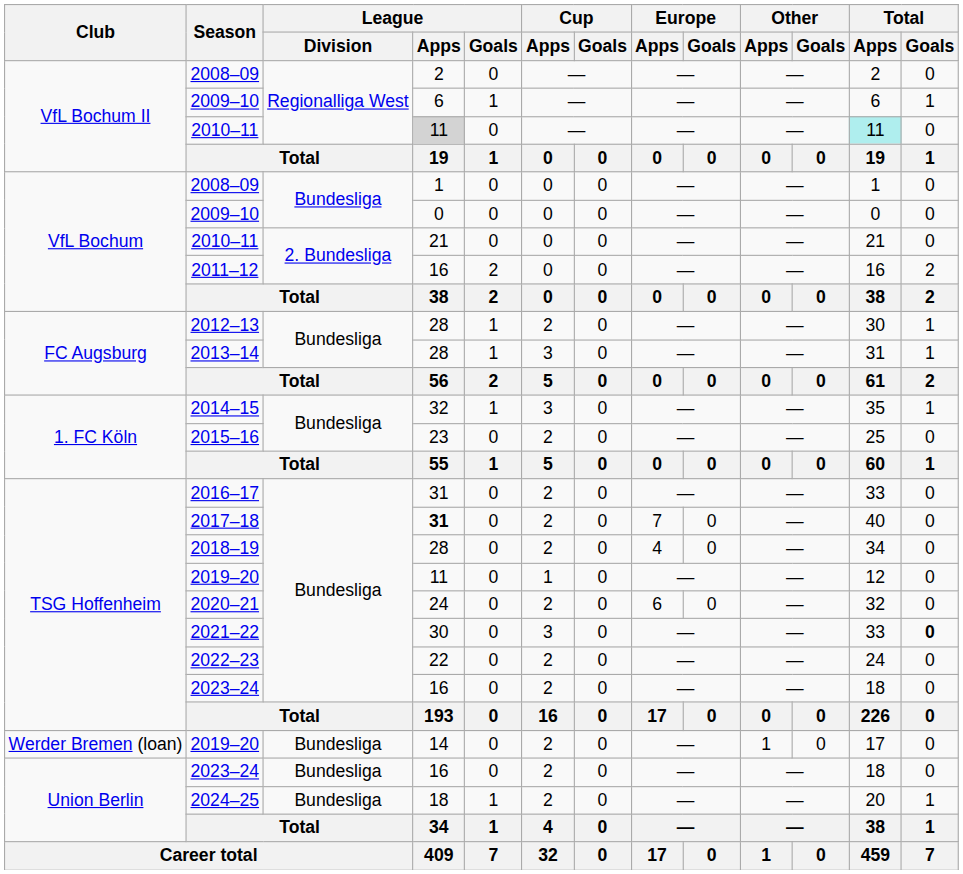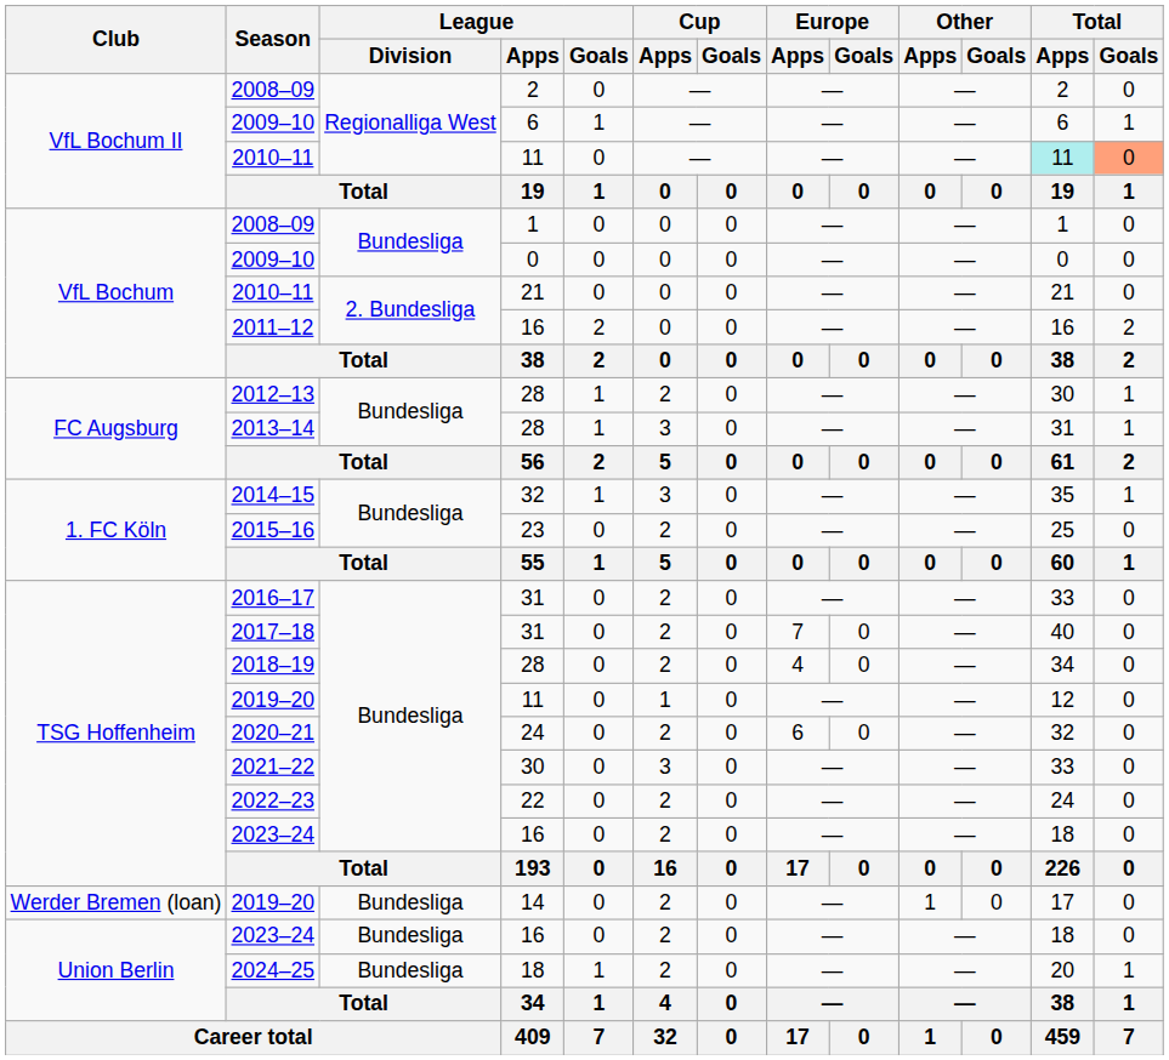 <table class="wikitable" style="text-align:center">
 <tr>
 <th rowspan="2">Club</th>
 <th rowspan="2">Season</th>
 <th colspan="3">League</th>
 <th colspan="2">Cup</th>
 <th colspan="2">Europe</th>
 <th colspan="2">Other</th>
 <th colspan="2">Total</th>
 </tr>
 <tr>
 <th>Division</th>
 <th>Apps</th>
 <th>Goals</th>
 <th>Apps</th>
 <th>Goals</th>
 <th>Apps</th>
 <th>Goals</th>
 <th>Apps</th>
 <th>Goals</th>
 <th>Apps</th>
 <th>Goals</th>
 </tr>
 <tr>
 <td rowspan="4"><a href='#'>VfL Bochum II</a></td>
 <td><a href='#'>2008–09</a></td>
 <td rowspan="3"><a href='#'>Regionalliga West</a></td>
 <td>2</td>
 <td>0</td>
 <td colspan="2">—</td>
 <td colspan="2">—</td>
 <td colspan="2">—</td>
 <td>2</td>
 <td>0</td>
 </tr>
 <tr>
 <td><a href='#'>2009–10</a></td>
 <td>6</td>
 <td>1</td>
 <td colspan="2">—</td>
 <td colspan="2">—</td>
 <td colspan="2">—</td>
 <td>6</td>
 <td>1</td>
 </tr>
 <tr>
 <td><a href='#'>2010–11</a></td>
-<td style="background: lightgrey;">11</td>
+<td>11</td>
 <td>0</td>
 <td colspan="2">—</td>
 <td colspan="2">—</td>
 <td colspan="2">—</td>
 <td style="background: paleturquoise;">11</td>
-<td>0</td>
+<td style="background: lightsalmon;">0</td>
 </tr>
 <tr>
 <th colspan="2">Total</th>
 <th>19</th>
 <th>1</th>
 <th>0</th>
 <th>0</th>
 <th>0</th>
 <th>0</th>
 <th>0</th>
 <th>0</th>
 <th>19</th>
 <th>1</th>
 </tr>
 <tr>
 <td rowspan="5"><a href='#'>VfL Bochum</a></td>
 <td><a href='#'>2008–09</a></td>
 <td rowspan="2"><a href='#'>Bundesliga</a></td>
 <td>1</td>
 <td>0</td>
 <td>0</td>
 <td>0</td>
 <td colspan="2">—</td>
 <td colspan="2">—</td>
 <td>1</td>
 <td>0</td>
 </tr>
 <tr>
 <td><a href='#'>2009–10</a></td>
 <td>0</td>
 <td>0</td>
 <td>0</td>
 <td>0</td>
 <td colspan="2">—</td>
 <td colspan="2">—</td>
 <td>0</td>
 <td>0</td>
 </tr>
 <tr>
 <td><a href='#'>2010–11</a></td>
 <td rowspan="2"><a href='#'>2. Bundesliga</a></td>
 <td>21</td>
 <td>0</td>
 <td>0</td>
 <td>0</td>
 <td colspan="2">—</td>
 <td colspan="2">—</td>
 <td>21</td>
 <td>0</td>
 </tr>
 <tr>
 <td><a href='#'>2011–12</a></td>
 <td>16</td>
 <td>2</td>
 <td>0</td>
 <td>0</td>
 <td colspan="2">—</td>
 <td colspan="2">—</td>
 <td>16</td>
 <td>2</td>
 </tr>
 <tr>
 <th colspan="2">Total</th>
 <th>38</th>
 <th>2</th>
 <th>0</th>
 <th>0</th>
 <th>0</th>
 <th>0</th>
 <th>0</th>
 <th>0</th>
 <th>38</th>
 <th>2</th>
 </tr>
 <tr>
 <td rowspan="3"><a href='#'>FC Augsburg</a></td>
 <td><a href='#'>2012–13</a></td>
 <td rowspan="2">Bundesliga</td>
 <td>28</td>
 <td>1</td>
 <td>2</td>
 <td>0</td>
 <td colspan="2">—</td>
 <td colspan="2">—</td>
 <td>30</td>
 <td>1</td>
 </tr>
 <tr>
 <td><a href='#'>2013–14</a></td>
 <td>28</td>
 <td>1</td>
 <td>3</td>
 <td>0</td>
 <td colspan="2">—</td>
 <td colspan="2">—</td>
 <td>31</td>
 <td>1</td>
 </tr>
 <tr>
 <th colspan="2">Total</th>
 <th>56</th>
 <th>2</th>
 <th>5</th>
 <th>0</th>
 <th>0</th>
 <th>0</th>
 <th>0</th>
 <th>0</th>
 <th>61</th>
 <th>2</th>
 </tr>
 <tr>
 <td rowspan="3"><a href='#'>1. FC Köln</a></td>
 <td><a href='#'>2014–15</a></td>
 <td rowspan="2">Bundesliga</td>
 <td>32</td>
 <td>1</td>
 <td>3</td>
 <td>0</td>
 <td colspan="2">—</td>
 <td colspan="2">—</td>
 <td>35</td>
 <td>1</td>
 </tr>
 <tr>
 <td><a href='#'>2015–16</a></td>
 <td>23</td>
 <td>0</td>
 <td>2</td>
 <td>0</td>
 <td colspan="2">—</td>
 <td colspan="2">—</td>
 <td>25</td>
 <td>0</td>
 </tr>
 <tr>
 <th colspan="2">Total</th>
 <th>55</th>
 <th>1</th>
 <th>5</th>
 <th>0</th>
 <th>0</th>
 <th>0</th>
 <th>0</th>
 <th>0</th>
 <th>60</th>
 <th>1</th>
 </tr>
 <tr>
 <td rowspan="9"><a href='#'>TSG Hoffenheim</a></td>
 <td><a href='#'>2016–17</a></td>
 <td rowspan="8">Bundesliga</td>
 <td>31</td>
 <td>0</td>
 <td>2</td>
 <td>0</td>
 <td colspan="2">—</td>
 <td colspan="2">—</td>
 <td>33</td>
 <td>0</td>
 </tr>
 <tr>
 <td><a href='#'>2017–18</a></td>
-<td><strong>31</strong></td>
+<td>31</td>
 <td>0</td>
 <td>2</td>
 <td>0</td>
 <td>7</td>
 <td>0</td>
 <td colspan="2">—</td>
 <td>40</td>
 <td>0</td>
 </tr>
 <tr>
 <td><a href='#'>2018–19</a></td>
 <td>28</td>
 <td>0</td>
 <td>2</td>
 <td>0</td>
 <td>4</td>
 <td>0</td>
 <td colspan="2">—</td>
 <td>34</td>
 <td>0</td>
 </tr>
 <tr>
 <td><a href='#'>2019–20</a></td>
 <td>11</td>
 <td>0</td>
 <td>1</td>
 <td>0</td>
 <td colspan="2">—</td>
 <td colspan="2">—</td>
 <td>12</td>
 <td>0</td>
 </tr>
 <tr>
 <td><a href='#'>2020–21</a></td>
 <td>24</td>
 <td>0</td>
 <td>2</td>
 <td>0</td>
 <td>6</td>
 <td>0</td>
 <td colspan="2">—</td>
 <td>32</td>
 <td>0</td>
 </tr>
 <tr>
 <td><a href='#'>2021–22</a></td>
 <td>30</td>
 <td>0</td>
 <td>3</td>
 <td>0</td>
 <td colspan="2">—</td>
 <td colspan="2">—</td>
 <td>33</td>
-<td><strong>0</strong></td>
+<td>0</td>
 </tr>
 <tr>
 <td><a href='#'>2022–23</a></td>
 <td>22</td>
 <td>0</td>
 <td>2</td>
 <td>0</td>
 <td colspan="2">—</td>
 <td colspan="2">—</td>
 <td>24</td>
 <td>0</td>
 </tr>
 <tr>
 <td><a href='#'>2023–24</a></td>
 <td>16</td>
 <td>0</td>
 <td>2</td>
 <td>0</td>
 <td colspan="2">—</td>
 <td colspan="2">—</td>
 <td>18</td>
 <td>0</td>
 </tr>
 <tr>
 <th colspan="2">Total</th>
 <th>193</th>
 <th>0</th>
 <th>16</th>
 <th>0</th>
 <th>17</th>
 <th>0</th>
 <th>0</th>
 <th>0</th>
 <th>226</th>
 <th>0</th>
 </tr>
 <tr>
 <td><a href='#'>Werder Bremen</a> (loan)</td>
 <td><a href='#'>2019–20</a></td>
 <td>Bundesliga</td>
 <td>14</td>
 <td>0</td>
 <td>2</td>
 <td>0</td>
 <td colspan="2">—</td>
 <td>1</td>
 <td>0</td>
 <td>17</td>
 <td>0</td>
 </tr>
 <tr>
 <td rowspan="3"><a href='#'>Union Berlin</a></td>
 <td><a href='#'>2023–24</a></td>
 <td>Bundesliga</td>
 <td>16</td>
 <td>0</td>
 <td>2</td>
 <td>0</td>
 <td colspan="2">—</td>
 <td colspan="2">—</td>
 <td>18</td>
 <td>0</td>
 </tr>
 <tr>
 <td><a href='#'>2024–25</a></td>
 <td>Bundesliga</td>
 <td>18</td>
 <td>1</td>
 <td>2</td>
 <td>0</td>
 <td colspan="2">—</td>
 <td colspan="2">—</td>
 <td>20</td>
 <td>1</td>
 </tr>
 <tr>
 <th colspan="2">Total</th>
 <th>34</th>
 <th>1</th>
 <th>4</th>
 <th>0</th>
 <th colspan="2">—</th>
 <th colspan="2">—</th>
 <th>38</th>
 <th>1</th>
 </tr>
 <tr>
 <th colspan="3">Career total</th>
 <th>409</th>
 <th>7</th>
 <th>32</th>
 <th>0</th>
 <th>17</th>
 <th>0</th>
 <th>1</th>
 <th>0</th>
 <th>459</th>
 <th>7</th>
 </tr>
 </table>
